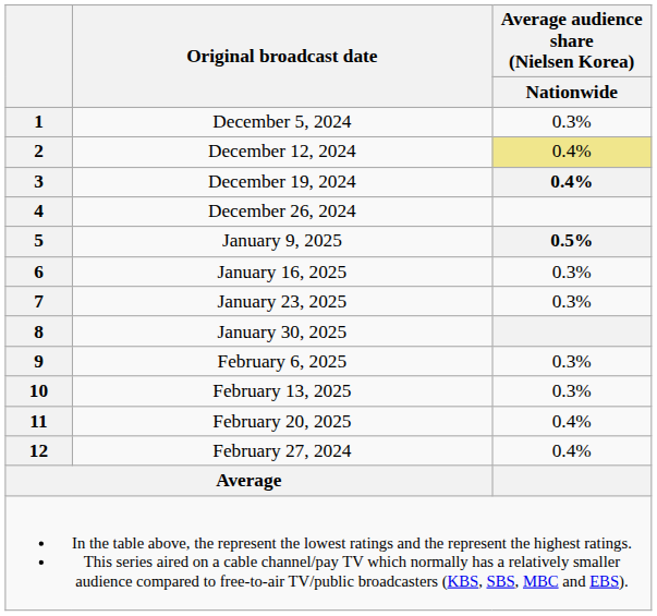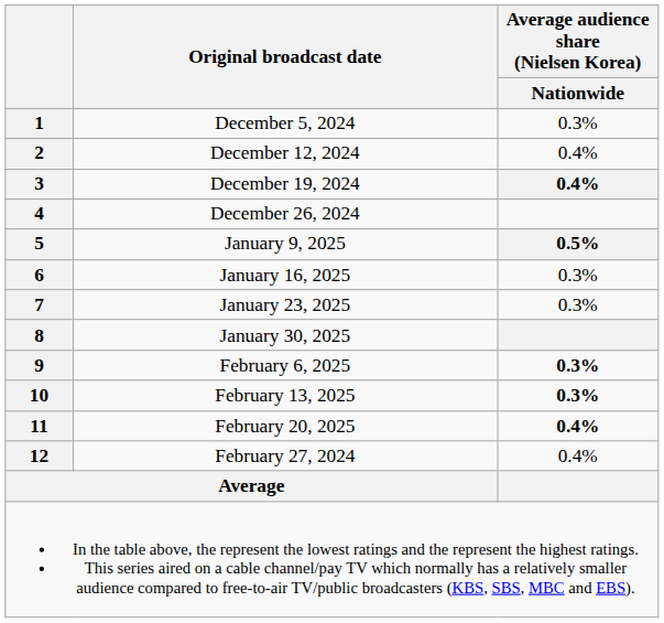 <table class="wikitable" style="margin-left:auto; margin-right:auto; width:550px; text-align:center">
 <tr>
 <th scope="col" rowspan="2"></th>
 <th scope="col" rowspan="2">Original broadcast date</th>
 <th scope="col">Average audience share<br>(Nielsen Korea)</th>
 </tr>
 <tr>
 <th scope="col" style="width:8em">Nationwide</th>
 </tr>
 <tr>
 <th scope="row">1</th>
 <td>December 5, 2024</td>
 <td>0.3% </td>
 </tr>
 <tr>
 <th scope="row">2</th>
 <td>December 12, 2024</td>
-<td style="background: khaki;">0.4% </td>
+<td>0.4% </td>
 </tr>
 <tr>
 <th scope="row">3</th>
 <td>December 19, 2024</td>
 <th>0.4% </th>
 </tr>
 <tr>
 <th scope="row">4</th>
 <td>December 26, 2024</td>
 <td><strong></strong> </td>
 </tr>
 <tr>
 <th scope="row">5</th>
 <td>January 9, 2025</td>
 <th>0.5% </th>
 </tr>
 <tr>
 <th scope="row">6</th>
 <td>January 16, 2025</td>
 <td>0.3% </td>
 </tr>
 <tr>
 <th scope="row">7</th>
 <td>January 23, 2025</td>
 <td>0.3% </td>
 </tr>
 <tr>
 <th scope="row">8</th>
 <td>January 30, 2025</td>
 <th><strong></strong> </th>
 </tr>
 <tr>
 <th scope="row">9</th>
 <td>February 6, 2025</td>
-<td>0.3% </td>
+<td><strong>0.3% </strong></td>
 </tr>
 <tr>
 <th scope="row">10</th>
 <td>February 13, 2025</td>
-<td>0.3% </td>
+<td><strong>0.3% </strong></td>
 </tr>
 <tr>
 <th scope="row">11</th>
 <td>February 20, 2025</td>
-<td>0.4% </td>
+<td><strong>0.4% </strong></td>
 </tr>
 <tr>
 <th scope="row">12</th>
 <td>February 27, 2024</td>
 <td>0.4% </td>
 </tr>
 <tr>
 <th scope="row" colspan="2">Average</th>
 <th></th>
 </tr>
 <tr>
 <td colspan="3" style="font-size:85%"><br><ul><li>In the table above, the <strong></strong> represent the lowest ratings and the <strong></strong> represent the highest ratings.</li><li>This series aired on a cable channel/pay TV which normally has a relatively smaller audience compared to free-to-air TV/public broadcasters (<a href='#'>KBS</a>, <a href='#'>SBS</a>, <a href='#'>MBC</a> and <a href='#'>EBS</a>).</li></ul></td>
 </tr>
 </table>
